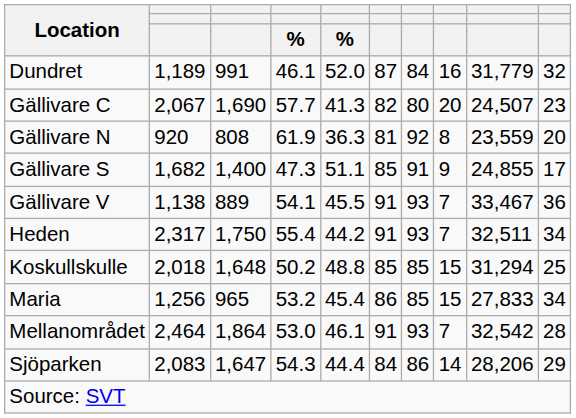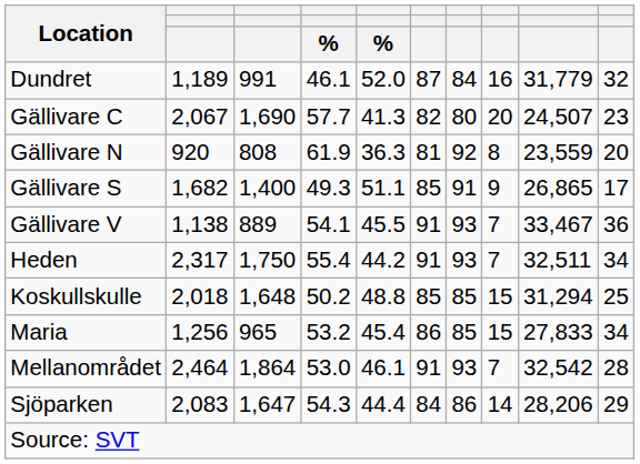 <table role="presentation" class="wikitable sortable mw-collapsible">
 <tr>
 <th rowspan="3">Location</th>
 <th></th>
 <th></th>
 <th></th>
 <th></th>
 <th></th>
 <th></th>
 <th></th>
 <th></th>
 <th></th>
 </tr>
 <tr>
 <th></th>
 <th></th>
 <th style="background:"></th>
 <th style="background:"></th>
 <th></th>
 <th></th>
 <th></th>
 <th></th>
 <th></th>
 </tr>
 <tr>
 <th data-sort-type="number"></th>
 <th data-sort-type="number"></th>
 <th data-sort-type="number">%</th>
 <th data-sort-type="number">%</th>
 <th data-sort-type="number"></th>
 <th data-sort-type="number"></th>
 <th data-sort-type="number"></th>
 <th data-sort-type="number"></th>
 <th data-sort-type="number"></th>
 </tr>
 <tr>
 <td align="left">Dundret</td>
 <td>1,189</td>
 <td>991</td>
 <td>46.1</td>
 <td>52.0</td>
 <td>87</td>
 <td>84</td>
 <td>16</td>
 <td>31,779</td>
 <td>32</td>
 </tr>
 <tr>
 <td align="left">Gällivare C</td>
 <td>2,067</td>
 <td>1,690</td>
 <td>57.7</td>
 <td>41.3</td>
 <td>82</td>
 <td>80</td>
 <td>20</td>
 <td>24,507</td>
 <td>23</td>
 </tr>
 <tr>
 <td align="left">Gällivare N</td>
 <td>920</td>
 <td>808</td>
 <td>61.9</td>
 <td>36.3</td>
 <td>81</td>
 <td>92</td>
 <td>8</td>
 <td>23,559</td>
 <td>20</td>
 </tr>
 <tr>
 <td align="left">Gällivare S</td>
 <td>1,682</td>
 <td>1,400</td>
-<td>47.3</td>
+<td>49.3</td>
 <td>51.1</td>
 <td>85</td>
 <td>91</td>
 <td>9</td>
-<td>24,855</td>
+<td>26,865</td>
 <td>17</td>
 </tr>
 <tr>
 <td align="left">Gällivare V</td>
 <td>1,138</td>
 <td>889</td>
 <td>54.1</td>
 <td>45.5</td>
 <td>91</td>
 <td>93</td>
 <td>7</td>
 <td>33,467</td>
 <td>36</td>
 </tr>
 <tr>
 <td align="left">Heden</td>
 <td>2,317</td>
 <td>1,750</td>
 <td>55.4</td>
 <td>44.2</td>
 <td>91</td>
 <td>93</td>
 <td>7</td>
 <td>32,511</td>
 <td>34</td>
 </tr>
 <tr>
 <td align="left">Koskullskulle</td>
 <td>2,018</td>
 <td>1,648</td>
 <td>50.2</td>
 <td>48.8</td>
 <td>85</td>
 <td>85</td>
 <td>15</td>
 <td>31,294</td>
 <td>25</td>
 </tr>
 <tr>
 <td align="left">Maria</td>
 <td>1,256</td>
 <td>965</td>
 <td>53.2</td>
 <td>45.4</td>
 <td>86</td>
 <td>85</td>
 <td>15</td>
 <td>27,833</td>
 <td>34</td>
 </tr>
 <tr>
 <td align="left">Mellanområdet</td>
 <td>2,464</td>
 <td>1,864</td>
 <td>53.0</td>
 <td>46.1</td>
 <td>91</td>
 <td>93</td>
 <td>7</td>
 <td>32,542</td>
 <td>28</td>
 </tr>
 <tr>
 <td align="left">Sjöparken</td>
 <td>2,083</td>
 <td>1,647</td>
 <td>54.3</td>
 <td>44.4</td>
 <td>84</td>
 <td>86</td>
 <td>14</td>
 <td>28,206</td>
 <td>29</td>
 </tr>
 <tr>
 <td colspan="10" align="left">Source: <a href='#'>SVT</a></td>
 </tr>
 </table>
